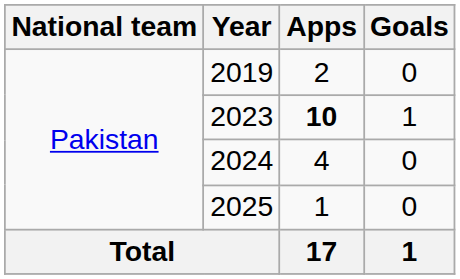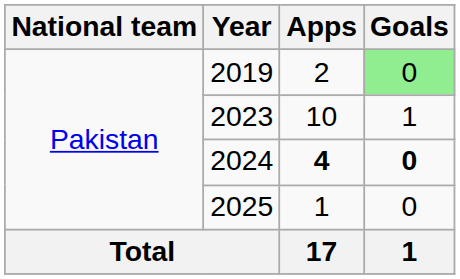 <table class="wikitable" style="text-align:center">
 <tr>
 <th>National team</th>
 <th>Year</th>
 <th>Apps</th>
 <th>Goals</th>
 </tr>
 <tr>
 <td rowspan="4"><a href='#'>Pakistan</a></td>
 <td>2019</td>
 <td>2</td>
-<td>0</td>
+<td style="background: lightgreen;">0</td>
 </tr>
 <tr>
 <td>2023</td>
-<td><strong>10</strong></td>
+<td>10</td>
 <td>1</td>
 </tr>
 <tr>
 <td>2024</td>
-<td>4</td>
-<td>0</td>
+<td><strong>4</strong></td>
+<td><strong>0</strong></td>
 </tr>
 <tr>
 <td>2025</td>
 <td>1</td>
 <td>0</td>
 </tr>
 <tr>
 <th colspan="2">Total</th>
 <th>17</th>
 <th>1</th>
 </tr>
 </table>
